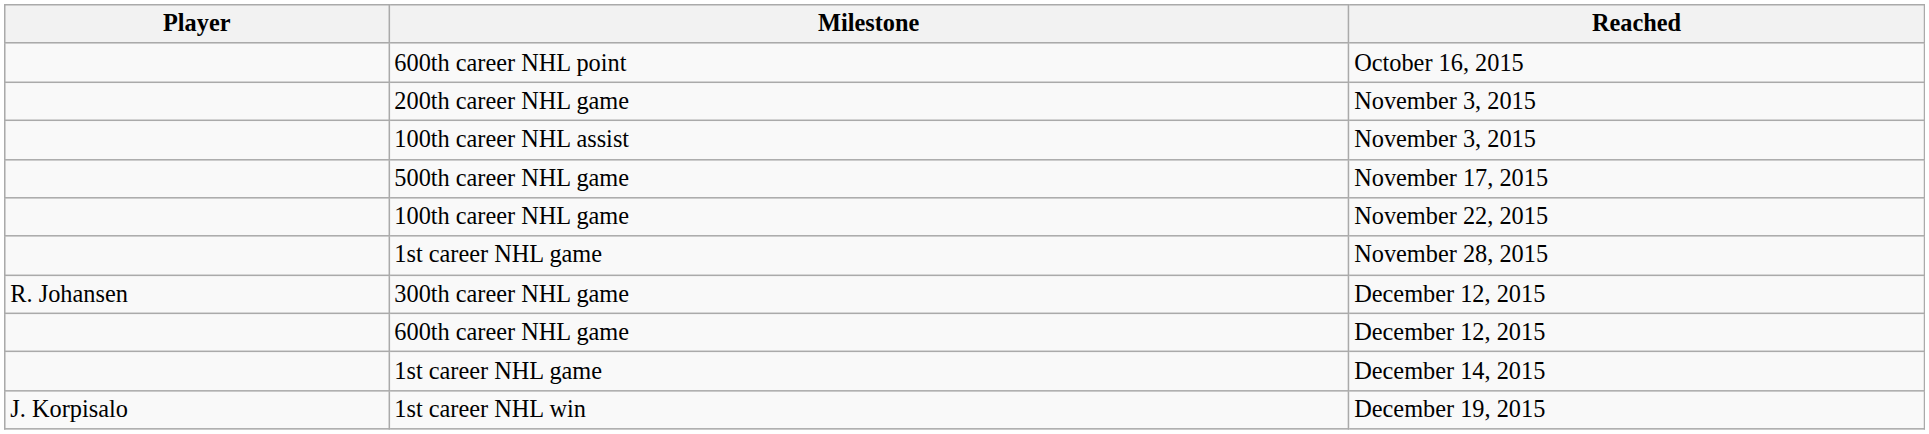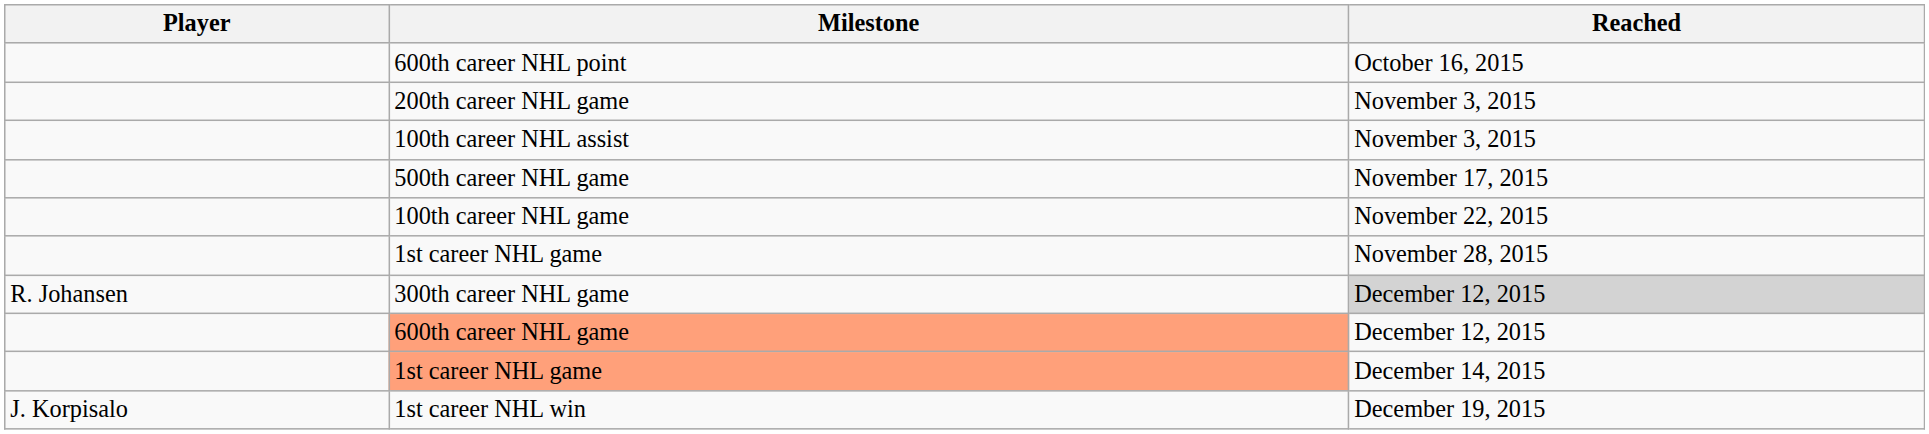 <table class="wikitable sortable" style="width:100%;">
 <tr align=center>
 <th style="width:20%;">Player</th>
 <th style="width:50%;">Milestone</th>
 <th style="width:30%;" data-sort-type="date">Reached</th>
 </tr>
 <tr>
 <td></td>
 <td>600th career NHL point</td>
 <td>October 16, 2015</td>
 </tr>
 <tr>
 <td></td>
 <td>200th career NHL game</td>
 <td>November 3, 2015</td>
 </tr>
 <tr>
 <td></td>
 <td>100th career NHL assist</td>
 <td>November 3, 2015</td>
 </tr>
 <tr>
 <td></td>
 <td>500th career NHL game</td>
 <td>November 17, 2015</td>
 </tr>
 <tr>
 <td></td>
 <td>100th career NHL game</td>
 <td>November 22, 2015</td>
 </tr>
 <tr>
 <td></td>
 <td>1st career NHL game</td>
 <td>November 28, 2015</td>
 </tr>
 <tr>
 <td>R. Johansen</td>
 <td>300th career NHL game</td>
+<td style="background: lightgrey;">December 12, 2015</td>
+</tr>
+<tr>
+<td></td>
+<td style="background: lightsalmon;">600th career NHL game</td>
 <td>December 12, 2015</td>
 </tr>
 <tr>
 <td></td>
-<td>600th career NHL game</td>
-<td>December 12, 2015</td>
-</tr>
-<tr>
-<td></td>
-<td>1st career NHL game</td>
+<td style="background: lightsalmon;">1st career NHL game</td>
 <td>December 14, 2015</td>
 </tr>
 <tr>
 <td>J. Korpisalo</td>
 <td>1st career NHL win</td>
 <td>December 19, 2015</td>
 </tr>
 </table>
